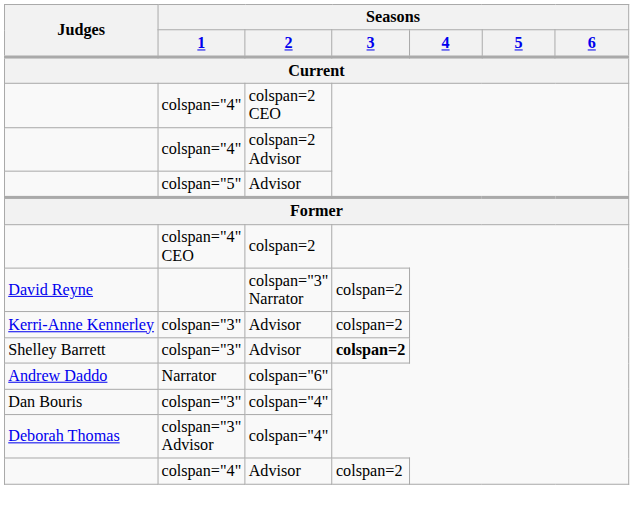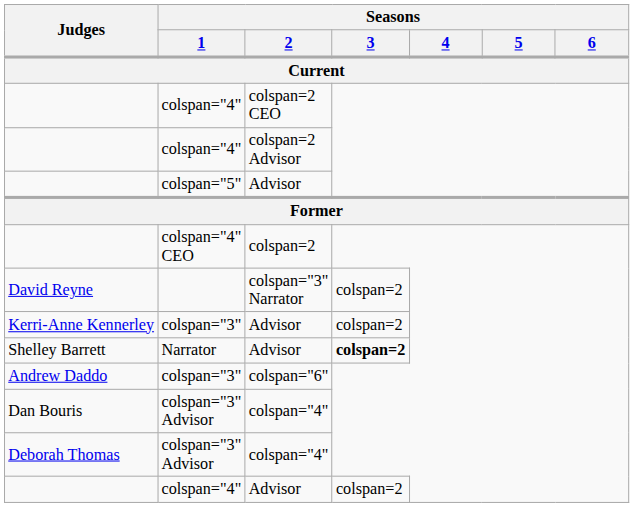 <table class="wikitable" width:"50%">
 <tr>
 <th rowspan="2">Judges</th>
 <th colspan="7" style=text-align:center;>Seasons</th>
 </tr>
 <tr>
 <th ! width="65"><a href='#'>1</a></th>
 <th width="65"><a href='#'>2</a></th>
 <th width="65"><a href='#'>3</a></th>
 <th width="65"><a href='#'>4</a></th>
 <th width="65"><a href='#'>5</a></th>
 <th ! width="65"><a href='#'>6</a></th>
 </tr>
 <tr style="border-top:3px solid #aaa;">
 <th colspan=8>Current</th>
 </tr>
 <tr>
 <td></td>
 <td>colspan="4" </td>
 <td>colspan=2  CEO</td>
 </tr>
 <tr>
 <td></td>
 <td>colspan="4" </td>
 <td>colspan=2  Advisor</td>
 </tr>
 <tr>
 <td></td>
 <td>colspan="5" </td>
 <td> Advisor</td>
 </tr>
 <tr style="border-top:3px solid #aaa;">
 <th colspan=8>Former</th>
 </tr>
 <tr>
 <td></td>
 <td>colspan="4"  CEO</td>
 <td>colspan=2 </td>
 </tr>
 <tr>
 <td><a href='#'>David Reyne</a></td>
 <td></td>
 <td>colspan="3"  Narrator</td>
 <td>colspan=2 </td>
 </tr>
 <tr>
 <td><a href='#'>Kerri-Anne Kennerley</a></td>
 <td>colspan="3" </td>
 <td> Advisor</td>
 <td>colspan=2 </td>
 </tr>
 <tr>
 <td>Shelley Barrett</td>
-<td>colspan="3" </td>
+<td> Narrator</td>
 <td> Advisor</td>
 <td><strong>colspan=2 </strong></td>
 </tr>
 <tr>
 <td><a href='#'>Andrew Daddo</a></td>
-<td> Narrator</td>
+<td>colspan="3" </td>
 <td>colspan="6" </td>
 </tr>
 <tr>
 <td>Dan Bouris</td>
-<td>colspan="3" </td>
+<td>colspan="3"  Advisor</td>
 <td>colspan="4" </td>
 </tr>
 <tr>
 <td><a href='#'>Deborah Thomas</a></td>
 <td>colspan="3"  Advisor</td>
 <td>colspan="4" </td>
 </tr>
 <tr>
 <td></td>
 <td>colspan="4" </td>
 <td> Advisor</td>
 <td>colspan=2 </td>
 </tr>
 </table>
